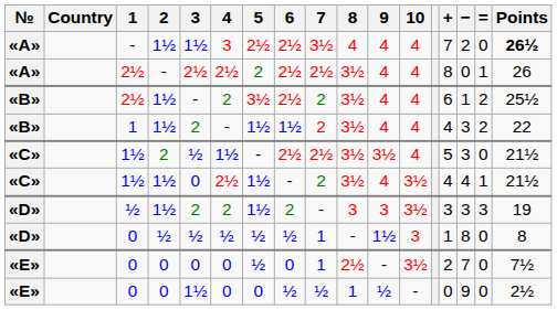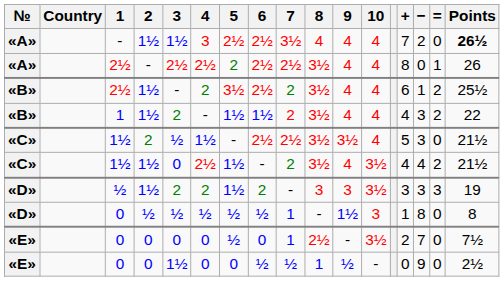 <table class="wikitable" style="text-align:center">
 <tr>
 <th>№</th>
 <th>Country</th>
 <th>1</th>
 <th>2</th>
 <th>3</th>
 <th>4</th>
 <th>5</th>
 <th>6</th>
 <th>7</th>
 <th>8</th>
 <th>9</th>
 <th>10</th>
 <th></th>
 <th>+</th>
 <th>−</th>
 <th>=</th>
 <th>Points</th>
 </tr>
 <tr>
 <th>«A»</th>
 <td style="text-align: left"></td>
 <td>-</td>
 <td style="color:blue;">1½</td>
 <td style="color:blue;">1½</td>
 <td style="color:red;">3</td>
 <td style="color:red;">2½</td>
 <td style="color:red;">2½</td>
 <td style="color:red;">3½</td>
 <td style="color:red;">4</td>
 <td style="color:red;">4</td>
 <td style="color:red;">4</td>
 <th></th>
 <td>7</td>
 <td>2</td>
 <td>0</td>
 <td><strong>26½</strong></td>
 </tr>
 <tr>
 <th>«A»</th>
 <td style="text-align: left"></td>
 <td style="color:red;">2½</td>
 <td>-</td>
 <td style="color:red;">2½</td>
 <td style="color:red;">2½</td>
 <td style="color:green;">2</td>
 <td style="color:red;">2½</td>
 <td style="color:red;">2½</td>
 <td style="color:red;">3½</td>
 <td style="color:red;">4</td>
 <td style="color:red;">4</td>
 <th></th>
 <td>8</td>
 <td>0</td>
 <td>1</td>
 <td>26</td>
 </tr>
 <tr style="border-top:2px solid grey;">
 <th>«B»</th>
 <td style="text-align: left"></td>
 <td style="color:red;">2½</td>
 <td style="color:blue;">1½</td>
 <td>-</td>
 <td style="color:green;">2</td>
 <td style="color:red;">3½</td>
 <td style="color:red;">2½</td>
 <td style="color:green;">2</td>
 <td style="color:red;">3½</td>
 <td style="color:red;">4</td>
 <td style="color:red;">4</td>
 <th></th>
 <td>6</td>
 <td>1</td>
 <td>2</td>
 <td>25½</td>
 </tr>
 <tr>
 <th>«B»</th>
 <td style="text-align: left"></td>
 <td style="color:blue;">1</td>
 <td style="color:blue;">1½</td>
 <td style="color:green;">2</td>
 <td>-</td>
 <td style="color:blue;">1½</td>
 <td style="color:blue;">1½</td>
 <td style="color:red;">2</td>
 <td style="color:red;">3½</td>
 <td style="color:red;">4</td>
 <td style="color:red;">4</td>
 <th></th>
 <td>4</td>
 <td>3</td>
 <td>2</td>
 <td>22</td>
 </tr>
 <tr style="border-top:2px solid grey;">
 <th>«C»</th>
 <td style="text-align: left"></td>
 <td style="color:blue;">1½</td>
 <td style="color:green;">2</td>
 <td style="color:blue;">½</td>
 <td style="color:blue;">1½</td>
 <td>-</td>
 <td style="color:red;">2½</td>
 <td style="color:red;">2½</td>
 <td style="color:red;">3½</td>
 <td style="color:red;">3½</td>
 <td style="color:red;">4</td>
 <th></th>
 <td>5</td>
 <td>3</td>
 <td>0</td>
 <td>21½</td>
 </tr>
 <tr>
 <th>«C»</th>
 <td style="text-align: left"></td>
 <td style="color:blue;">1½</td>
 <td style="color:blue;">1½</td>
 <td style="color:blue;">0</td>
 <td style="color:red;">2½</td>
 <td style="color:blue;">1½</td>
 <td>-</td>
 <td style="color:green;">2</td>
 <td style="color:red;">3½</td>
 <td style="color:red;">4</td>
 <td style="color:red;">3½</td>
 <th></th>
 <td>4</td>
 <td>4</td>
-<td>1</td>
+<td>2</td>
 <td>21½</td>
 </tr>
 <tr style="border-top:2px solid grey;">
 <th>«D»</th>
 <td style="text-align: left"></td>
 <td style="color:blue;">½</td>
 <td style="color:blue;">1½</td>
 <td style="color:green;">2</td>
 <td style="color:green;">2</td>
 <td style="color:blue;">1½</td>
 <td style="color:green;">2</td>
 <td>-</td>
 <td style="color:red;">3</td>
 <td style="color:red;">3</td>
 <td style="color:red;">3½</td>
 <th></th>
 <td>3</td>
 <td>3</td>
 <td>3</td>
 <td>19</td>
 </tr>
 <tr>
 <th>«D»</th>
 <td style="text-align: left"></td>
 <td style="color:blue;">0</td>
 <td style="color:blue;">½</td>
 <td style="color:blue;">½</td>
 <td style="color:blue;">½</td>
 <td style="color:blue;">½</td>
 <td style="color:blue;">½</td>
 <td style="color:blue;">1</td>
 <td>-</td>
 <td style="color:blue;">1½</td>
 <td style="color:red;">3</td>
 <th></th>
 <td>1</td>
 <td>8</td>
 <td>0</td>
 <td>8</td>
 </tr>
 <tr style="border-top:2px solid grey;">
 <th>«E»</th>
 <td style="text-align: left"></td>
 <td style="color:blue;">0</td>
 <td style="color:blue;">0</td>
 <td style="color:blue;">0</td>
 <td style="color:blue;">0</td>
 <td style="color:blue;">½</td>
 <td style="color:blue;">0</td>
 <td style="color:blue;">1</td>
 <td style="color:red;">2½</td>
 <td>-</td>
 <td style="color:red;">3½</td>
 <th></th>
 <td>2</td>
 <td>7</td>
 <td>0</td>
 <td>7½</td>
 </tr>
 <tr>
 <th>«E»</th>
 <td style="text-align: left"></td>
 <td style="color:blue;">0</td>
 <td style="color:blue;">0</td>
 <td style="color:blue;">1½</td>
 <td style="color:blue;">0</td>
 <td style="color:blue;">0</td>
 <td style="color:blue;">½</td>
 <td style="color:blue;">½</td>
 <td style="color:blue;">1</td>
 <td style="color:blue;">½</td>
 <td>-</td>
 <th></th>
 <td>0</td>
 <td>9</td>
 <td>0</td>
 <td>2½</td>
 </tr>
 </table>
